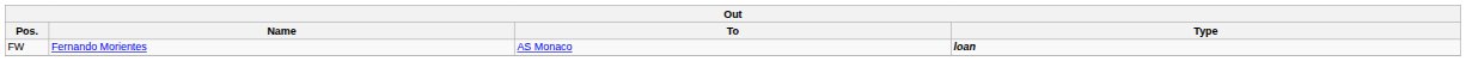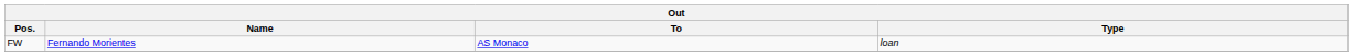 <table class="wikitable" style="font-size:90%;width:99%;">
 <tr>
 <th colspan="4">Out</th>
 </tr>
 <tr>
 <th width=3%>Pos.</th>
 <th width=32%>Name</th>
 <th width=30%>To</th>
 <th width=35%>Type</th>
 </tr>
 <tr>
 <td>FW</td>
 <td><a href='#'>Fernando Morientes</a></td>
 <td><a href='#'>AS Monaco</a></td>
-<td><strong><em>loan</em></strong></td>
+<td><em>loan</em></td>
 </tr>
 <tr>
 </tr>
 </table>
